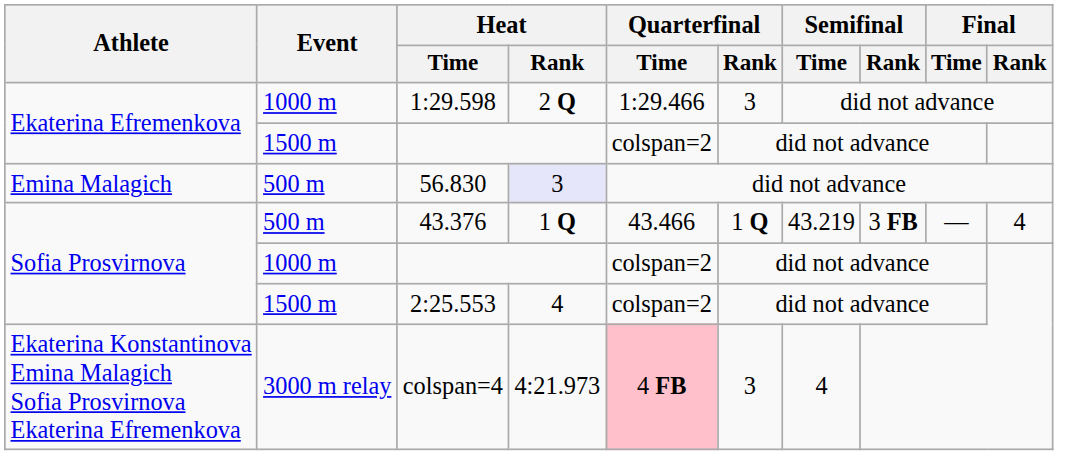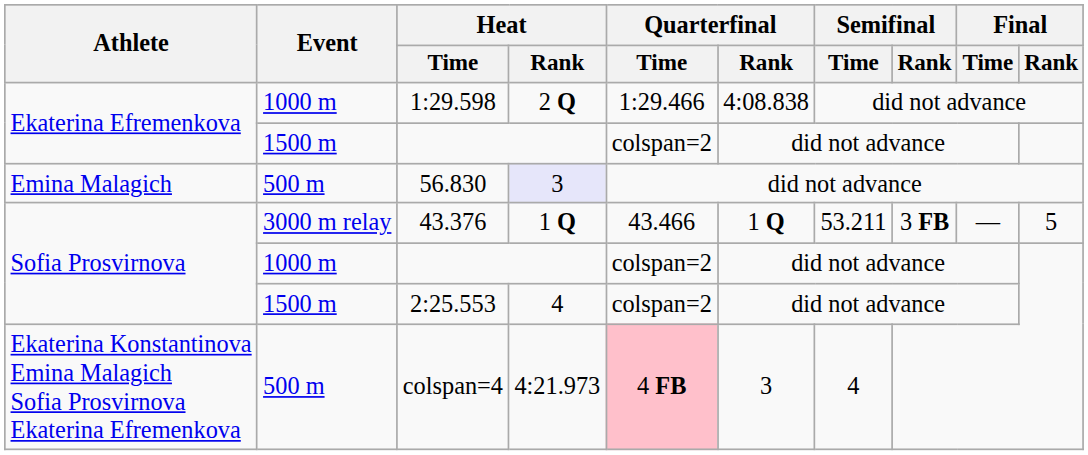 <table class="wikitable" style="font-size:90%">
 <tr>
 <th rowspan=2>Athlete</th>
 <th rowspan=2>Event</th>
 <th colspan=2>Heat</th>
 <th colspan=2>Quarterfinal</th>
 <th colspan=2>Semifinal</th>
 <th colspan=2>Final</th>
 </tr>
 <tr style="font-size:95%">
 <th>Time</th>
 <th>Rank</th>
 <th>Time</th>
 <th>Rank</th>
 <th>Time</th>
 <th>Rank</th>
 <th>Time</th>
 <th>Rank</th>
 </tr>
 <tr align=center>
 <td align=left rowspan=2><a href='#'>Ekaterina Efremenkova</a></td>
 <td align=left><a href='#'>1000 m</a></td>
 <td>1:29.598</td>
 <td>2 <strong>Q</strong></td>
 <td>1:29.466</td>
-<td>3</td>
+<td>4:08.838</td>
 <td colspan=4>did not advance</td>
 </tr>
 <tr align=center>
 <td align=left><a href='#'>1500 m</a></td>
 <td colspan=2></td>
 <td>colspan=2 </td>
 <td colspan=4>did not advance</td>
 </tr>
 <tr align=center>
 <td align=left><a href='#'>Emina Malagich</a></td>
 <td align=left><a href='#'>500 m</a></td>
 <td>56.830</td>
 <td style="background: lavender;">3</td>
 <td colspan=6>did not advance</td>
 </tr>
 <tr align=center>
 <td align=left rowspan=3><a href='#'>Sofia Prosvirnova</a></td>
-<td align=left><a href='#'>500 m</a></td>
+<td align=left><a href='#'>3000 m relay</a></td>
 <td>43.376</td>
 <td>1 <strong>Q</strong></td>
 <td>43.466</td>
 <td>1 <strong>Q</strong></td>
-<td>43.219</td>
+<td>53.211</td>
 <td>3 <strong>FB</strong></td>
 <td>—</td>
-<td>4</td>
+<td>5</td>
 </tr>
 <tr align=center>
 <td align=left><a href='#'>1000 m</a></td>
 <td colspan=2></td>
 <td>colspan=2 </td>
 <td colspan=4>did not advance</td>
 </tr>
 <tr align=center>
 <td align=left><a href='#'>1500 m</a></td>
 <td>2:25.553</td>
 <td>4</td>
 <td>colspan=2 </td>
 <td colspan=4>did not advance</td>
 </tr>
 <tr align=center>
 <td align=left><a href='#'>Ekaterina Konstantinova</a><br><a href='#'>Emina Malagich</a><br><a href='#'>Sofia Prosvirnova</a><br><a href='#'>Ekaterina Efremenkova</a></td>
-<td align=left><a href='#'>3000 m relay</a></td>
+<td align=left><a href='#'>500 m</a></td>
 <td>colspan=4 </td>
 <td>4:21.973</td>
 <td style="background: pink;">4 <strong>FB</strong></td>
 <td>3</td>
 <td>4</td>
 </tr>
 </table>
